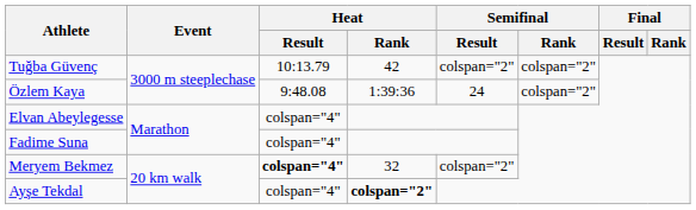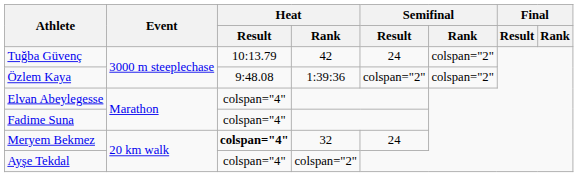 <table class="wikitable" style="font-size:90%">
 <tr>
 <th rowspan="2">Athlete</th>
 <th rowspan="2">Event</th>
 <th colspan="2">Heat</th>
 <th colspan="2">Semifinal</th>
 <th colspan="2">Final</th>
 </tr>
 <tr>
 <th>Result</th>
 <th>Rank</th>
 <th>Result</th>
 <th>Rank</th>
 <th>Result</th>
 <th>Rank</th>
 </tr>
 <tr style=text-align:center>
 <td style=text-align:left><a href='#'>Tuğba Güvenç</a></td>
 <td style=text-align:left rowspan="2"><a href='#'>3000 m steeplechase</a></td>
 <td>10:13.79</td>
 <td>42</td>
-<td>colspan="2" </td>
+<td>24</td>
 <td>colspan="2" </td>
 </tr>
 <tr style=text-align:center>
 <td style=text-align:left><a href='#'>Özlem Kaya</a></td>
 <td>9:48.08</td>
 <td>1:39:36</td>
-<td>24</td>
+<td>colspan="2" </td>
 <td>colspan="2" </td>
 </tr>
 <tr style=text-align:center>
 <td style=text-align:left><a href='#'>Elvan Abeylegesse</a></td>
 <td style=text-align:left rowspan="2"><a href='#'>Marathon</a></td>
 <td>colspan="4" </td>
 <td colspan="2"></td>
 </tr>
 <tr style=text-align:center>
 <td style=text-align:left><a href='#'>Fadime Suna</a></td>
 <td>colspan="4" </td>
 <td colspan="2"></td>
 </tr>
 <tr style=text-align:center>
 <td style=text-align:left><a href='#'>Meryem Bekmez</a></td>
 <td style=text-align:left rowspan="2"><a href='#'>20 km walk</a></td>
 <td><strong>colspan="4" </strong></td>
 <td>32</td>
-<td>colspan="2" </td>
+<td>24</td>
 </tr>
 <tr style=text-align:center>
 <td style=text-align:left><a href='#'>Ayşe Tekdal</a></td>
 <td>colspan="4" </td>
-<td><strong>colspan="2" </strong></td>
+<td>colspan="2" </td>
 </tr>
 </table>
